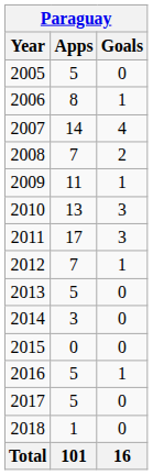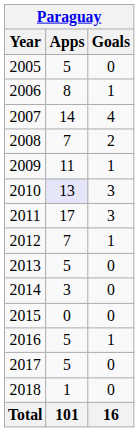 <table class="wikitable" style="text-align:center">
 <tr>
 <th colspan=3><a href='#'>Paraguay</a></th>
 </tr>
 <tr>
 <th>Year</th>
 <th>Apps</th>
 <th>Goals</th>
 </tr>
 <tr>
 <td>2005</td>
 <td>5</td>
 <td>0</td>
 </tr>
 <tr>
 <td>2006</td>
 <td>8</td>
 <td>1</td>
 </tr>
 <tr>
 <td>2007</td>
 <td>14</td>
 <td>4</td>
 </tr>
 <tr>
 <td>2008</td>
 <td>7</td>
 <td>2</td>
 </tr>
 <tr>
 <td>2009</td>
 <td>11</td>
 <td>1</td>
 </tr>
 <tr>
 <td>2010</td>
-<td>13</td>
+<td style="background: lavender;">13</td>
 <td>3</td>
 </tr>
 <tr>
 <td>2011</td>
 <td>17</td>
 <td>3</td>
 </tr>
 <tr>
 <td>2012</td>
 <td>7</td>
 <td>1</td>
 </tr>
 <tr>
 <td>2013</td>
 <td>5</td>
 <td>0</td>
 </tr>
 <tr>
 <td>2014</td>
 <td>3</td>
 <td>0</td>
 </tr>
 <tr>
 <td>2015</td>
 <td>0</td>
 <td>0</td>
 </tr>
 <tr>
 <td>2016</td>
 <td>5</td>
 <td>1</td>
 </tr>
 <tr>
 <td>2017</td>
 <td>5</td>
 <td>0</td>
 </tr>
 <tr>
 <td>2018</td>
 <td>1</td>
 <td>0</td>
 </tr>
 <tr>
 <th>Total</th>
 <th>101</th>
 <th>16</th>
 </tr>
 </table>
